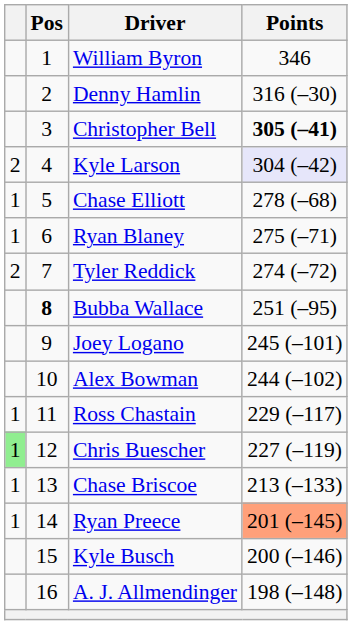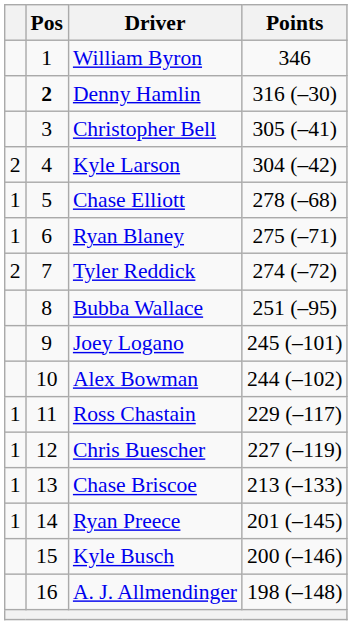 <table class="wikitable" style="font-size: 95%;">
 <tr>
 <th></th>
 <th>Pos</th>
 <th>Driver</th>
 <th>Points</th>
 </tr>
 <tr>
 <td align="left"></td>
 <td style="text-align:center;">1</td>
 <td><a href='#'>William Byron</a></td>
 <td style="text-align:center;">346</td>
 </tr>
 <tr>
 <td align="left"></td>
-<td style="text-align:center;">2</td>
+<td style="text-align:center;"><strong>2</strong></td>
 <td><a href='#'>Denny Hamlin</a></td>
 <td style="text-align:center;">316 (–30)</td>
 </tr>
 <tr>
 <td align="left"></td>
 <td style="text-align:center;">3</td>
 <td><a href='#'>Christopher Bell</a></td>
-<td style="text-align:center;"><strong>305 (–41)</strong></td>
+<td style="text-align:center;">305 (–41)</td>
 </tr>
 <tr>
 <td align="left"> 2</td>
 <td style="text-align:center;">4</td>
 <td><a href='#'>Kyle Larson</a></td>
-<td style="background: lavender; text-align:center;">304 (–42)</td>
+<td style="text-align:center;">304 (–42)</td>
 </tr>
 <tr>
 <td align="left"> 1</td>
 <td style="text-align:center;">5</td>
 <td><a href='#'>Chase Elliott</a></td>
 <td style="text-align:center;">278 (–68)</td>
 </tr>
 <tr>
 <td align="left"> 1</td>
 <td style="text-align:center;">6</td>
 <td><a href='#'>Ryan Blaney</a></td>
 <td style="text-align:center;">275 (–71)</td>
 </tr>
 <tr>
 <td align="left"> 2</td>
 <td style="text-align:center;">7</td>
 <td><a href='#'>Tyler Reddick</a></td>
 <td style="text-align:center;">274 (–72)</td>
 </tr>
 <tr>
 <td align="left"></td>
-<td style="text-align:center;"><strong>8</strong></td>
+<td style="text-align:center;">8</td>
 <td><a href='#'>Bubba Wallace</a></td>
 <td style="text-align:center;">251 (–95)</td>
 </tr>
 <tr>
 <td align="left"></td>
 <td style="text-align:center;">9</td>
 <td><a href='#'>Joey Logano</a></td>
 <td style="text-align:center;">245 (–101)</td>
 </tr>
 <tr>
 <td align="left"></td>
 <td style="text-align:center;">10</td>
 <td><a href='#'>Alex Bowman</a></td>
 <td style="text-align:center;">244 (–102)</td>
 </tr>
 <tr>
 <td align="left"> 1</td>
 <td style="text-align:center;">11</td>
 <td><a href='#'>Ross Chastain</a></td>
 <td style="text-align:center;">229 (–117)</td>
 </tr>
 <tr>
-<td align="left" style="background: lightgreen;"> 1</td>
+<td align="left"> 1</td>
 <td style="text-align:center;">12</td>
 <td><a href='#'>Chris Buescher</a></td>
 <td style="text-align:center;">227 (–119)</td>
 </tr>
 <tr>
 <td align="left"> 1</td>
 <td style="text-align:center;">13</td>
 <td><a href='#'>Chase Briscoe</a></td>
 <td style="text-align:center;">213 (–133)</td>
 </tr>
 <tr>
 <td align="left"> 1</td>
 <td style="text-align:center;">14</td>
 <td><a href='#'>Ryan Preece</a></td>
-<td style="background: lightsalmon; text-align:center;">201 (–145)</td>
+<td style="text-align:center;">201 (–145)</td>
 </tr>
 <tr>
 <td align="left"></td>
 <td style="text-align:center;">15</td>
 <td><a href='#'>Kyle Busch</a></td>
 <td style="text-align:center;">200 (–146)</td>
 </tr>
 <tr>
 <td align="left"></td>
 <td style="text-align:center;">16</td>
 <td><a href='#'>A. J. Allmendinger</a></td>
 <td style="text-align:center;">198 (–148)</td>
 </tr>
 <tr class="sortbottom">
 <th colspan="9"></th>
 </tr>
 </table>
